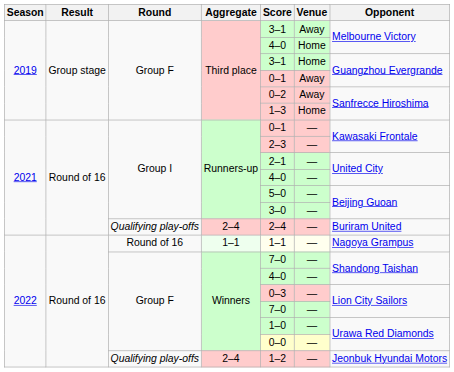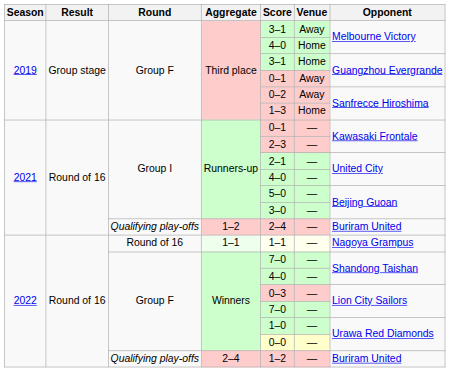 <table class="wikitable sticky-table-row1" style="text-align:center;">
 <tr>
 <th>Season</th>
 <th>Result</th>
 <th>Round</th>
 <th>Aggregate</th>
 <th>Score</th>
 <th>Venue</th>
 <th>Opponent</th>
 </tr>
 <tr>
 <td rowspan="6"><a href='#'>2019</a></td>
 <td rowspan="6">Group stage</td>
 <td rowspan="6">Group F</td>
 <td rowspan="6" style="background:#fcc">Third place</td>
 <td style="background:#cfc">3–1</td>
 <td style="background:#cfc">Away</td>
 <td rowspan="2" align="left"> <a href='#'>Melbourne Victory</a></td>
 </tr>
 <tr>
 <td style="background:#cfc">4–0</td>
 <td style="background:#cfc">Home</td>
 </tr>
 <tr>
 <td style="background:#cfc">3–1</td>
 <td style="background:#cfc">Home</td>
 <td rowspan="2" align="left"> <a href='#'>Guangzhou Evergrande</a></td>
 </tr>
 <tr>
 <td style="background:#fcc">0–1</td>
 <td style="background:#fcc">Away</td>
 </tr>
 <tr>
 <td style="background:#fcc">0–2</td>
 <td style="background:#fcc">Away</td>
 <td rowspan="2" align="left"> <a href='#'>Sanfrecce Hiroshima</a></td>
 </tr>
 <tr>
 <td style="background:#fcc">1–3</td>
 <td style="background:#fcc">Home</td>
 </tr>
 <tr>
 <td rowspan="7"><a href='#'>2021</a></td>
 <td rowspan="7">Round of 16</td>
 <td rowspan="6">Group I</td>
 <td rowspan="6" style="background:#cfc">Runners-up</td>
 <td style="background:#fcc">0–1</td>
 <td style="background:#fcc">—</td>
 <td rowspan="2" align="left"> <a href='#'>Kawasaki Frontale</a></td>
 </tr>
 <tr>
 <td style="background:#fcc">2–3</td>
 <td style="background:#fcc">—</td>
 </tr>
 <tr>
 <td style="background:#cfc">2–1</td>
 <td style="background:#cfc">—</td>
 <td rowspan="2" align="left"> <a href='#'>United City</a></td>
 </tr>
 <tr>
 <td style="background:#cfc">4–0</td>
 <td style="background:#cfc">—</td>
 </tr>
 <tr>
 <td style="background:#cfc">5–0</td>
 <td style="background:#cfc">—</td>
 <td rowspan="2" align="left"> <a href='#'>Beijing Guoan</a></td>
 </tr>
 <tr>
 <td style="background:#cfc">3–0</td>
 <td style="background:#cfc">—</td>
 </tr>
 <tr>
 <td><em>Qualifying play-offs</em></td>
-<td style="background:#fcc">2–4</td>
+<td style="background:#fcc">1–2</td>
 <td style="background:#fcc">2–4</td>
 <td style="background:#fcc">—</td>
 <td align="left"> <a href='#'>Buriram United</a></td>
 </tr>
 <tr>
 <td rowspan="8"><a href='#'>2022</a></td>
 <td rowspan="8">Round of 16</td>
 <td>Round of 16</td>
 <td style="background:#efe">1–1 </td>
 <td style="background:#ffe">1–1 </td>
 <td style="background:#ffe">—</td>
 <td align="left"> <a href='#'>Nagoya Grampus</a></td>
 </tr>
 <tr>
 <td rowspan="6">Group F</td>
 <td rowspan="6" style="background:#cfc">Winners</td>
 <td style="background:#cfc">7–0</td>
 <td style="background:#cfc">—</td>
 <td rowspan="2" align="left"> <a href='#'>Shandong Taishan</a></td>
 </tr>
 <tr>
 <td style="background:#cfc">4–0</td>
 <td style="background:#cfc">—</td>
 </tr>
 <tr>
 <td style="background:#fcc">0–3</td>
 <td style="background:#fcc">—</td>
 <td rowspan="2" align="left"> <a href='#'>Lion City Sailors</a></td>
 </tr>
 <tr>
 <td style="background:#cfc">7–0</td>
 <td style="background:#cfc">—</td>
 </tr>
 <tr>
 <td style="background:#cfc">1–0</td>
 <td style="background:#cfc">—</td>
 <td rowspan="2" align="left"> <a href='#'>Urawa Red Diamonds</a></td>
 </tr>
 <tr>
 <td style="background:#ffc">0–0</td>
 <td style="background:#ffc">—</td>
 </tr>
 <tr>
 <td><em>Qualifying play-offs</em></td>
 <td style="background:#fcc">2–4</td>
 <td style="background:#fcc">1–2 </td>
 <td style="background:#fcc">—</td>
-<td align="left"> <a href='#'>Jeonbuk Hyundai Motors</a></td>
+<td align="left"> <a href='#'>Buriram United</a></td>
 </tr>
 </table>
